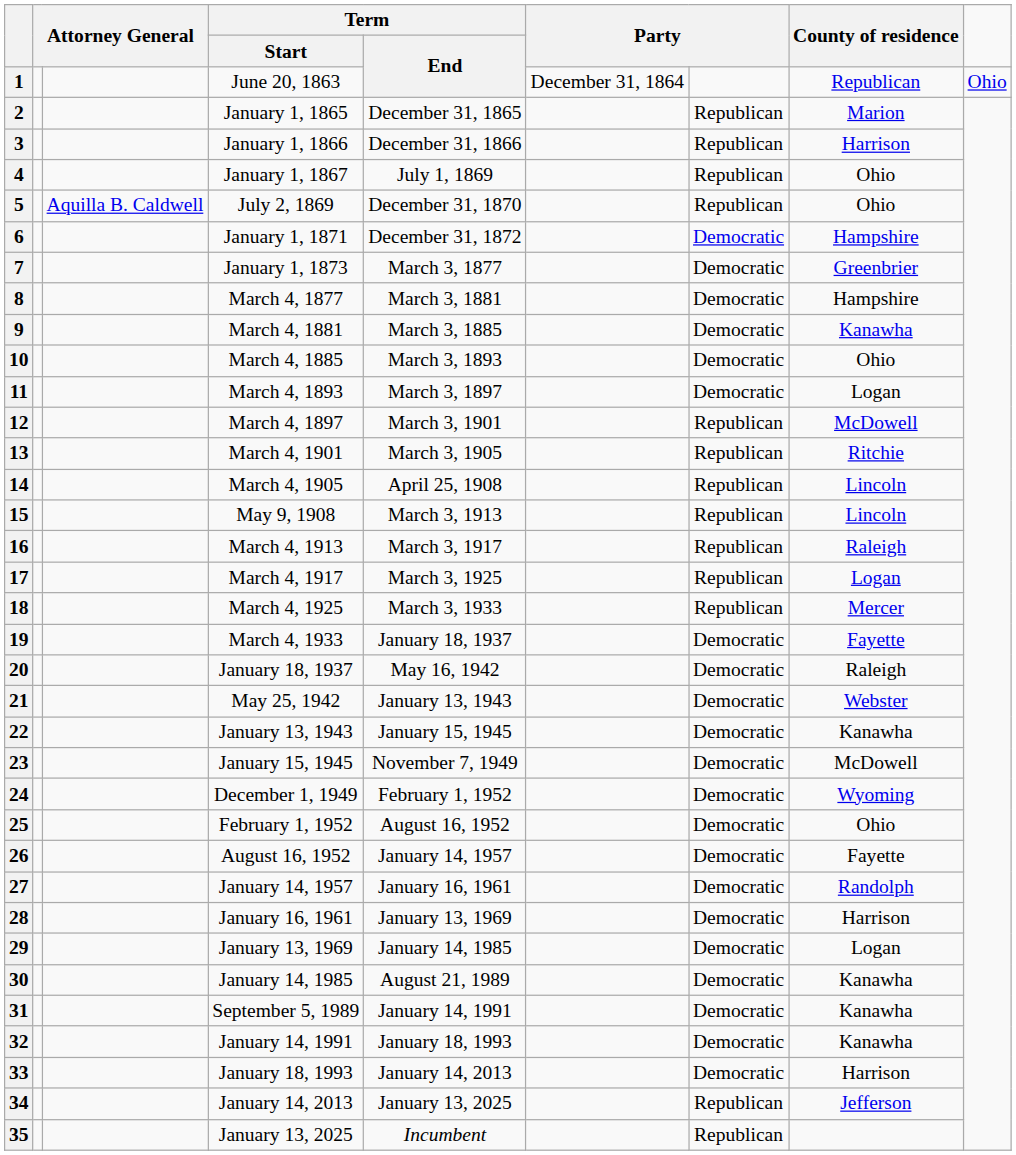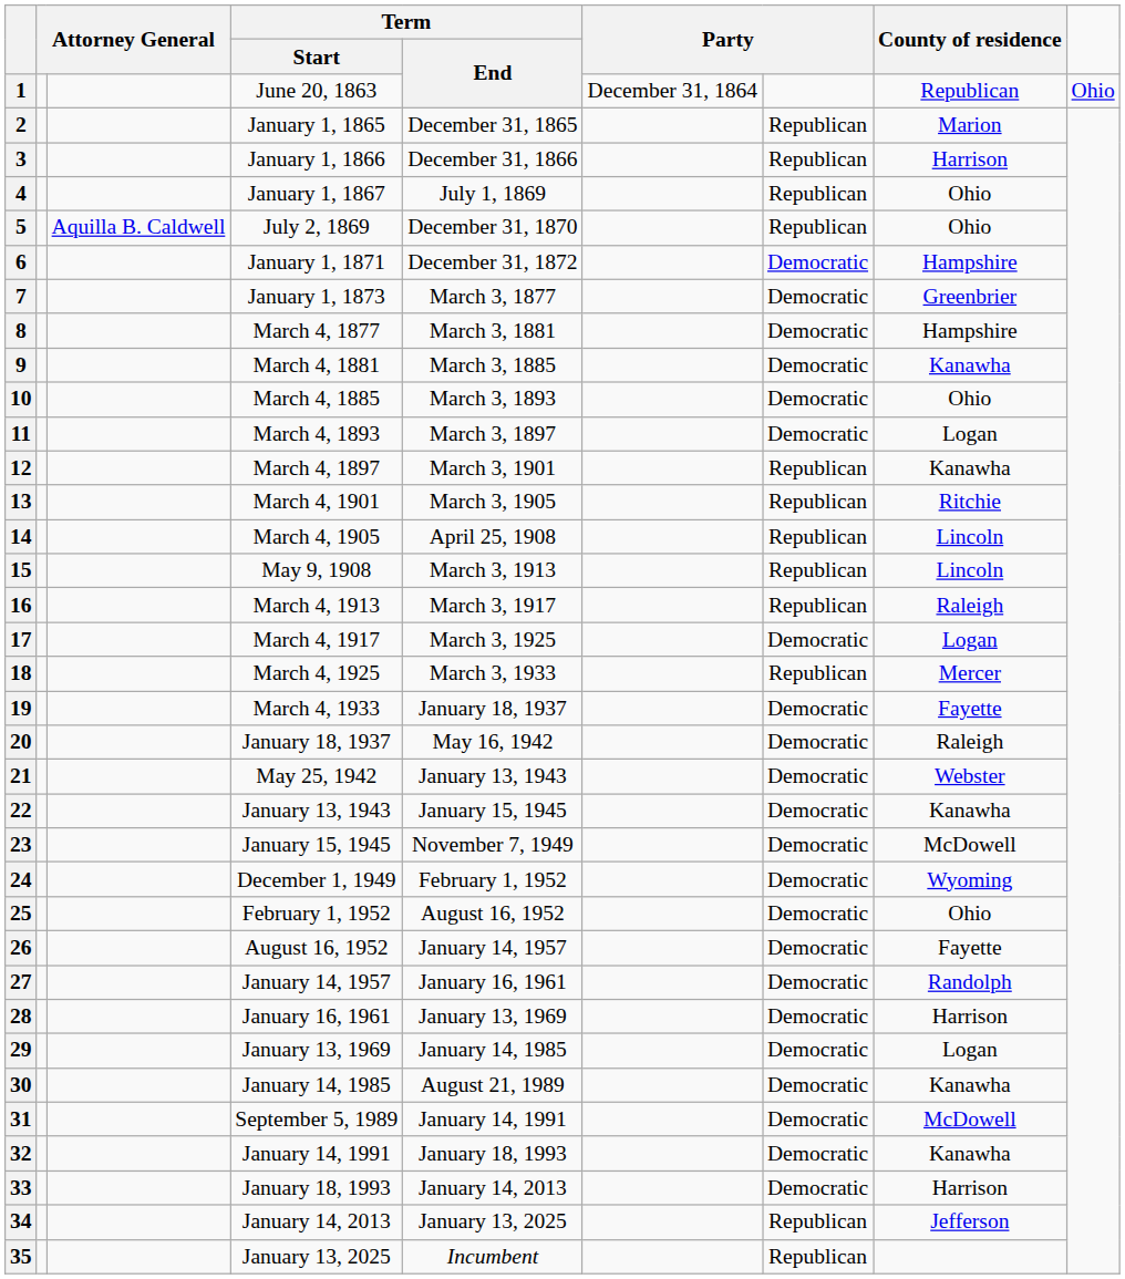 <table class="wikitable sortable" style="text-align:center;">
 <tr>
 <th scope="col" rowspan="2"></th>
 <th scope="col" rowspan="2" colspan="2">Attorney General</th>
 <th scope="col" colspan="2">Term</th>
 <th scope="col" rowspan="2" colspan="2">Party</th>
 <th scope="col" rowspan="2">County of residence</th>
 </tr>
 <tr>
 <th scope="col" data-sort-type="date">Start</th>
 <th scope="col" rowspan="2" data-sort-type="date">End</th>
 </tr>
 <tr>
 <th scope="col">1</th>
 <td></td>
 <td></td>
 <td>June 20, 1863</td>
 <td>December 31, 1864</td>
 <td style="background-color:"></td>
 <td><a href='#'>Republican</a></td>
 <td><a href='#'>Ohio</a></td>
 </tr>
 <tr>
 <th scope="col">2</th>
 <td></td>
 <td></td>
 <td>January 1, 1865</td>
 <td>December 31, 1865</td>
 <td style="background-color:"></td>
 <td>Republican</td>
 <td><a href='#'>Marion</a></td>
 </tr>
 <tr>
 <th scope="col">3</th>
 <td></td>
 <td></td>
 <td>January 1, 1866</td>
 <td>December 31, 1866</td>
 <td style="background-color:"></td>
 <td>Republican</td>
 <td><a href='#'>Harrison</a></td>
 </tr>
 <tr>
 <th scope="col">4</th>
 <td></td>
 <td></td>
 <td>January 1, 1867</td>
 <td>July 1, 1869</td>
 <td style="background-color:"></td>
 <td>Republican</td>
 <td>Ohio</td>
 </tr>
 <tr>
 <th scope="col">5</th>
 <td></td>
 <td><a href='#'>Aquilla B. Caldwell</a></td>
 <td>July 2, 1869</td>
 <td>December 31, 1870</td>
 <td style="background-color:"></td>
 <td>Republican</td>
 <td>Ohio</td>
 </tr>
 <tr>
 <th scope="col">6</th>
 <td></td>
 <td></td>
 <td>January 1, 1871</td>
 <td>December 31, 1872</td>
 <td style="background-color:"></td>
 <td><a href='#'>Democratic</a></td>
 <td><a href='#'>Hampshire</a></td>
 </tr>
 <tr>
 <th scope="col">7</th>
 <td></td>
 <td></td>
 <td>January 1, 1873</td>
 <td>March 3, 1877</td>
 <td style="background-color:"></td>
 <td>Democratic</td>
 <td><a href='#'>Greenbrier</a></td>
 </tr>
 <tr>
 <th scope="col">8</th>
 <td></td>
 <td></td>
 <td>March 4, 1877</td>
 <td>March 3, 1881</td>
 <td style="background-color:"></td>
 <td>Democratic</td>
 <td>Hampshire</td>
 </tr>
 <tr>
 <th scope="col">9</th>
 <td></td>
 <td></td>
 <td>March 4, 1881</td>
 <td>March 3, 1885</td>
 <td style="background-color:"></td>
 <td>Democratic</td>
 <td><a href='#'>Kanawha</a></td>
 </tr>
 <tr>
 <th scope="col">10</th>
 <td></td>
 <td></td>
 <td>March 4, 1885</td>
 <td>March 3, 1893</td>
 <td style="background-color:"></td>
 <td>Democratic</td>
 <td>Ohio</td>
 </tr>
 <tr>
 <th scope="col">11</th>
 <td></td>
 <td></td>
 <td>March 4, 1893</td>
 <td>March 3, 1897</td>
 <td style="background-color:"></td>
 <td>Democratic</td>
 <td>Logan</td>
 </tr>
 <tr>
 <th scope="col">12</th>
 <td></td>
 <td></td>
 <td>March 4, 1897</td>
 <td>March 3, 1901</td>
 <td style="background-color:"></td>
 <td>Republican</td>
-<td><a href='#'>McDowell</a></td>
+<td>Kanawha</td>
 </tr>
 <tr>
 <th scope="col">13</th>
 <td></td>
 <td></td>
 <td>March 4, 1901</td>
 <td>March 3, 1905</td>
 <td style="background-color:"></td>
 <td>Republican</td>
 <td><a href='#'>Ritchie</a></td>
 </tr>
 <tr>
 <th scope="col">14</th>
 <td></td>
 <td></td>
 <td>March 4, 1905</td>
 <td>April 25, 1908</td>
 <td style="background-color:"></td>
 <td>Republican</td>
 <td><a href='#'>Lincoln</a></td>
 </tr>
 <tr>
 <th scope="col">15</th>
 <td></td>
 <td></td>
 <td>May 9, 1908</td>
 <td>March 3, 1913</td>
 <td style="background-color:"></td>
 <td>Republican</td>
 <td><a href='#'>Lincoln</a></td>
 </tr>
 <tr>
 <th scope="col">16</th>
 <td></td>
 <td></td>
 <td>March 4, 1913</td>
 <td>March 3, 1917</td>
 <td style="background-color:"></td>
 <td>Republican</td>
 <td><a href='#'>Raleigh</a></td>
 </tr>
 <tr>
 <th scope="col">17</th>
 <td></td>
 <td></td>
 <td>March 4, 1917</td>
 <td>March 3, 1925</td>
 <td style="background-color:"></td>
-<td>Republican</td>
+<td>Democratic</td>
 <td><a href='#'>Logan</a></td>
 </tr>
 <tr>
 <th scope="col">18</th>
 <td></td>
 <td></td>
 <td>March 4, 1925</td>
 <td>March 3, 1933</td>
 <td style="background-color:"></td>
 <td>Republican</td>
 <td><a href='#'>Mercer</a></td>
 </tr>
 <tr>
 <th scope="col">19</th>
 <td></td>
 <td></td>
 <td>March 4, 1933</td>
 <td>January 18, 1937</td>
 <td style="background-color:"></td>
 <td>Democratic</td>
 <td><a href='#'>Fayette</a></td>
 </tr>
 <tr>
 <th scope="col">20</th>
 <td></td>
 <td></td>
 <td>January 18, 1937</td>
 <td>May 16, 1942</td>
 <td style="background-color:"></td>
 <td>Democratic</td>
 <td>Raleigh</td>
 </tr>
 <tr>
 <th scope="col">21</th>
 <td></td>
 <td></td>
 <td>May 25, 1942</td>
 <td>January 13, 1943</td>
 <td style="background-color:"></td>
 <td>Democratic</td>
 <td><a href='#'>Webster</a></td>
 </tr>
 <tr>
 <th scope="col">22</th>
 <td></td>
 <td></td>
 <td>January 13, 1943</td>
 <td>January 15, 1945</td>
 <td style="background-color:"></td>
 <td>Democratic</td>
 <td>Kanawha</td>
 </tr>
 <tr>
 <th scope="col">23</th>
 <td></td>
 <td></td>
 <td>January 15, 1945</td>
 <td>November 7, 1949</td>
 <td style="background-color:"></td>
 <td>Democratic</td>
 <td>McDowell</td>
 </tr>
 <tr>
 <th scope="col">24</th>
 <td></td>
 <td></td>
 <td>December 1, 1949</td>
 <td>February 1, 1952</td>
 <td style="background-color:"></td>
 <td>Democratic</td>
 <td><a href='#'>Wyoming</a></td>
 </tr>
 <tr>
 <th scope="col">25</th>
 <td></td>
 <td></td>
 <td>February 1, 1952</td>
 <td>August 16, 1952</td>
 <td style="background-color:"></td>
 <td>Democratic</td>
 <td>Ohio</td>
 </tr>
 <tr>
 <th scope="col">26</th>
 <td></td>
 <td></td>
 <td>August 16, 1952</td>
 <td>January 14, 1957</td>
 <td style="background-color:"></td>
 <td>Democratic</td>
 <td>Fayette</td>
 </tr>
 <tr>
 <th scope="col">27</th>
 <td></td>
 <td></td>
 <td>January 14, 1957</td>
 <td>January 16, 1961</td>
 <td style="background-color:"></td>
 <td>Democratic</td>
 <td><a href='#'>Randolph</a></td>
 </tr>
 <tr>
 <th scope="col">28</th>
 <td></td>
 <td></td>
 <td>January 16, 1961</td>
 <td>January 13, 1969</td>
 <td style="background-color:"></td>
 <td>Democratic</td>
 <td>Harrison</td>
 </tr>
 <tr>
 <th scope="col">29</th>
 <td></td>
 <td></td>
 <td>January 13, 1969</td>
 <td>January 14, 1985</td>
 <td style="background-color:"></td>
 <td>Democratic</td>
 <td>Logan</td>
 </tr>
 <tr>
 <th scope="col">30</th>
 <td></td>
 <td></td>
 <td>January 14, 1985</td>
 <td>August 21, 1989</td>
 <td style="background-color:"></td>
 <td>Democratic</td>
 <td>Kanawha</td>
 </tr>
 <tr>
 <th scope="col">31</th>
 <td></td>
 <td></td>
 <td>September 5, 1989</td>
 <td>January 14, 1991</td>
 <td style="background-color:"></td>
 <td>Democratic</td>
-<td>Kanawha</td>
+<td><a href='#'>McDowell</a></td>
 </tr>
 <tr>
 <th scope="col">32</th>
 <td></td>
 <td></td>
 <td>January 14, 1991</td>
 <td>January 18, 1993</td>
 <td style="background-color:"></td>
 <td>Democratic</td>
 <td>Kanawha</td>
 </tr>
 <tr>
 <th scope="col">33</th>
 <td></td>
 <td></td>
 <td>January 18, 1993</td>
 <td>January 14, 2013</td>
 <td style="background-color:"></td>
 <td>Democratic</td>
 <td>Harrison</td>
 </tr>
 <tr>
 <th scope="col">34</th>
 <td></td>
 <td></td>
 <td>January 14, 2013</td>
 <td>January 13, 2025</td>
 <td style="background-color:"></td>
 <td>Republican</td>
 <td><a href='#'>Jefferson</a></td>
 </tr>
 <tr>
 <th scope="col">35</th>
 <td></td>
 <td></td>
 <td>January 13, 2025</td>
 <td><em>Incumbent</em></td>
 <td style="background-color:"></td>
 <td>Republican</td>
 <td></td>
 </tr>
 </table>
